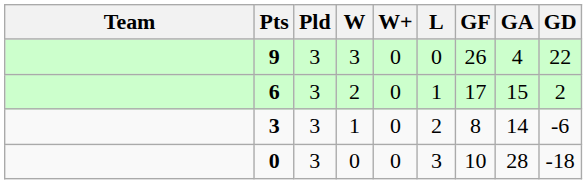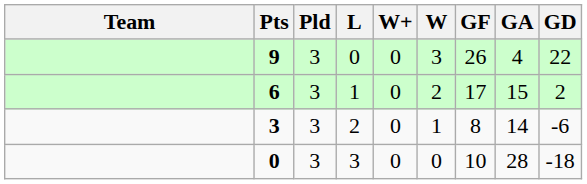 <table class="wikitable" style="text-align: center;">
 <tr>
 <th width="175">Team</th>
 <th width="20">Pts</th>
 <th width="20">Pld</th>
+<th width="20">L</th>
+<th width="20">W+</th>
 <th width="20">W</th>
-<th width="20">W+</th>
-<th width="20">L</th>
 <th width="20">GF</th>
 <th width="20">GA</th>
 <th width="20">GD</th>
 </tr>
 <tr align=center style="background:#ccffcc;">
 <td style="text-align:left;"></td>
 <td><strong>9</strong></td>
 <td>3</td>
-<td>3</td>
 <td>0</td>
 <td>0</td>
+<td>3</td>
 <td>26</td>
 <td>4</td>
 <td>22</td>
 </tr>
 <tr align=center style="background:#ccffcc;">
 <td style="text-align:left;"></td>
 <td><strong>6</strong></td>
 <td>3</td>
+<td>1</td>
+<td>0</td>
 <td>2</td>
-<td>0</td>
-<td>1</td>
 <td>17</td>
 <td>15</td>
 <td>2</td>
 </tr>
 <tr align=center style="background:">
 <td style="text-align:left;"></td>
 <td><strong>3</strong></td>
 <td>3</td>
+<td>2</td>
+<td>0</td>
 <td>1</td>
-<td>0</td>
-<td>2</td>
 <td>8</td>
 <td>14</td>
 <td>-6</td>
 </tr>
 <tr align=center style="background:">
 <td style="text-align:left;"></td>
 <td><strong>0</strong></td>
 <td>3</td>
+<td>3</td>
 <td>0</td>
 <td>0</td>
-<td>3</td>
 <td>10</td>
 <td>28</td>
 <td>-18</td>
 </tr>
 </table>
